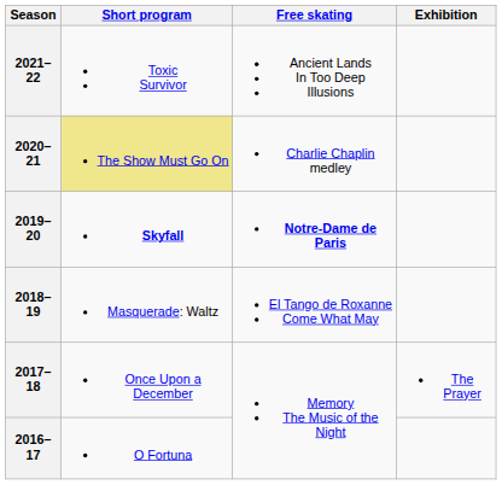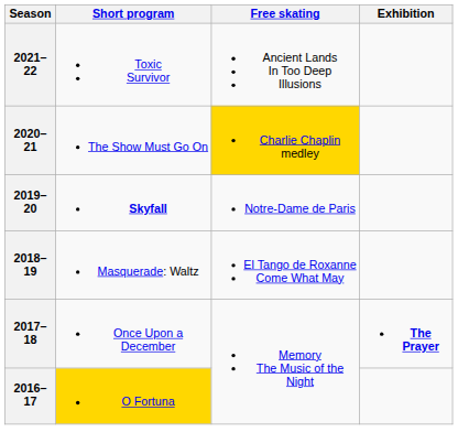 <table class="wikitable" style="text-align:center">
 <tr>
 <th>Season</th>
 <th><a href='#'>Short program</a></th>
 <th><a href='#'>Free skating</a></th>
 <th>Exhibition</th>
 </tr>
 <tr>
 <th>2021–22 <br> </th>
 <td><br><ul><li><a href='#'>Toxic</a></li><li><a href='#'>Survivor</a> <br></li></ul></td>
 <td><br><ul><li>Ancient Lands <br> </li><li>In Too Deep</li><li>Illusions <br> </li></ul></td>
 <td></td>
 </tr>
 <tr>
 <th>2020–21 <br> </th>
-<td style="background: khaki;"><br><ul><li><a href='#'>The Show Must Go On</a> <br></li></ul></td>
-<td><br><ul><li><a href='#'>Charlie Chaplin</a> medley</li></ul></td>
+<td><br><ul><li><a href='#'>The Show Must Go On</a> <br></li></ul></td>
+<td style="background: gold;"><br><ul><li><a href='#'>Charlie Chaplin</a> medley</li></ul></td>
 <td></td>
 </tr>
 <tr>
 <th>2019–20 <br> </th>
 <td><strong><br><ul><li><a href='#'>Skyfall</a> <br></li></ul></strong></td>
-<td><strong><br><ul><li><a href='#'>Notre-Dame de Paris</a> <br> </li></ul></strong></td>
+<td><br><ul><li><a href='#'>Notre-Dame de Paris</a> <br> </li></ul></td>
 <td></td>
 </tr>
 <tr>
 <th>2018–19 <br> </th>
 <td><br><ul><li><a href='#'>Masquerade</a>: Waltz <br></li></ul></td>
 <td><br><ul><li><a href='#'>El Tango de Roxanne</a></li><li><a href='#'>Come What May</a> <br> </li></ul></td>
 <td></td>
 </tr>
 <tr>
 <th>2017–18 <br> </th>
 <td><br><ul><li><a href='#'>Once Upon a December</a> <br></li></ul></td>
 <td rowspan="2"><br><ul><li><a href='#'>Memory</a> <br></li><li><a href='#'>The Music of the Night</a> <br></li></ul></td>
-<td><br><ul><li><a href='#'>The Prayer</a> <br></li></ul></td>
+<td><strong><br><ul><li><a href='#'>The Prayer</a> <br></li></ul></strong></td>
 </tr>
 <tr>
 <th>2016–17 <br> </th>
-<td><br><ul><li><a href='#'>O Fortuna</a> <br></li></ul></td>
+<td style="background: gold;"><br><ul><li><a href='#'>O Fortuna</a> <br></li></ul></td>
 <td></td>
 </tr>
 </table>
